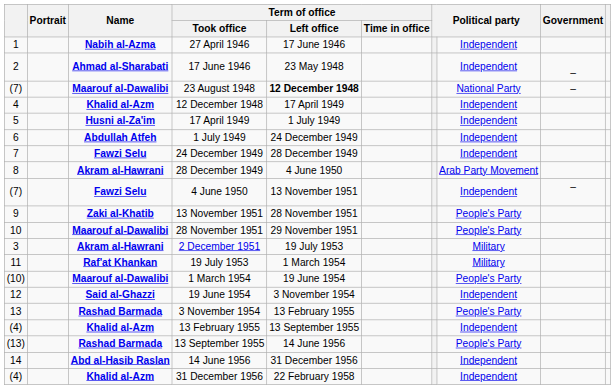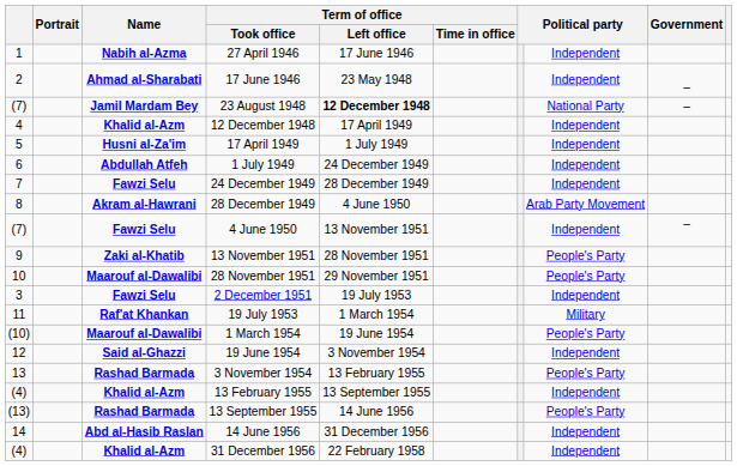 <table class="wikitable" style="text-align:center">
 <tr>
 <th rowspan="2"></th>
 <th rowspan="2">Portrait</th>
 <th rowspan="2">Name<br></th>
 <th colspan="3">Term of office</th>
 <th colspan="2" rowspan="2">Political party</th>
 <th rowspan="2">Government</th>
 <th rowspan="2"></th>
 </tr>
 <tr>
 <th>Took office</th>
 <th>Left office</th>
 <th>Time in office</th>
 </tr>
 <tr>
 <td>1</td>
 <td></td>
 <td><strong><a href='#'>Nabih al-Azma</a></strong><br></td>
 <td>27 April 1946</td>
 <td>17 June 1946</td>
 <td></td>
 <th style="background:"></th>
 <td><a href='#'>Independent</a></td>
 <td></td>
 <td></td>
 </tr>
 <tr>
 <td>2</td>
 <td></td>
 <td><strong><a href='#'>Ahmad al-Sharabati</a></strong><br></td>
 <td>17 June 1946</td>
 <td>23 May 1948</td>
 <td></td>
 <th style="background:"></th>
 <td><a href='#'>Independent</a></td>
 <td><br>–</td>
 <td></td>
 </tr>
 <tr>
 <td>(7)</td>
 <td></td>
-<td><strong><a href='#'>Maarouf al-Dawalibi</a></strong><br></td>
+<td><strong><a href='#'>Jamil Mardam Bey</a></strong><br></td>
 <td>23 August 1948</td>
 <td><strong>12 December 1948</strong></td>
 <td></td>
 <th style="background:"></th>
 <td><a href='#'>National Party</a></td>
 <td>–</td>
 <td></td>
 </tr>
 <tr>
 <td>4</td>
 <td></td>
 <td><strong><a href='#'>Khalid al-Azm</a></strong><br></td>
 <td>12 December 1948</td>
 <td>17 April 1949</td>
 <td></td>
 <th style="background:"></th>
 <td><a href='#'>Independent</a></td>
 <td></td>
 <td></td>
 </tr>
 <tr>
 <td>5</td>
 <td></td>
 <td><strong><a href='#'>Husni al-Za'im</a></strong><br></td>
 <td>17 April 1949</td>
 <td>1 July 1949</td>
 <td></td>
 <th style="background:"></th>
 <td><a href='#'>Independent</a></td>
 <td></td>
 <td></td>
 </tr>
 <tr>
 <td>6</td>
 <td></td>
 <td><strong><a href='#'>Abdullah Atfeh</a></strong><br></td>
 <td>1 July 1949</td>
 <td>24 December 1949</td>
 <td></td>
 <th style="background:"></th>
 <td><a href='#'>Independent</a></td>
 <td><br></td>
 <td></td>
 </tr>
 <tr>
 <td>7</td>
 <td></td>
 <td><strong><a href='#'>Fawzi Selu</a></strong><br></td>
 <td>24 December 1949</td>
 <td>28 December 1949</td>
 <td></td>
 <th style="background:"></th>
 <td><a href='#'>Independent</a></td>
 <td></td>
 <td></td>
 </tr>
 <tr>
 <td>8</td>
 <td></td>
 <td><strong><a href='#'>Akram al-Hawrani</a></strong><br></td>
 <td>28 December 1949</td>
 <td>4 June 1950</td>
 <td></td>
 <th style="background:"></th>
 <td><a href='#'>Arab Party Movement</a></td>
 <td></td>
 <td></td>
 </tr>
 <tr>
 <td>(7)</td>
 <td></td>
 <td><strong><a href='#'>Fawzi Selu</a></strong><br></td>
 <td>4 June 1950</td>
 <td>13 November 1951</td>
 <td></td>
 <th style="background:"></th>
 <td><a href='#'>Independent</a></td>
 <td>–<br><br></td>
 <td></td>
 </tr>
 <tr>
 <td>9</td>
 <td></td>
 <td><strong><a href='#'>Zaki al-Khatib</a></strong><br></td>
 <td>13 November 1951</td>
 <td>28 November 1951</td>
 <td></td>
 <th style="background:"></th>
 <td><a href='#'>People's Party</a></td>
 <td></td>
 <td></td>
 </tr>
 <tr>
 <td>10</td>
 <td></td>
 <td><strong><a href='#'>Maarouf al-Dawalibi</a></strong><br></td>
 <td>28 November 1951</td>
 <td>29 November 1951</td>
 <td></td>
 <th style="background:"></th>
 <td><a href='#'>People's Party</a></td>
 <td></td>
 <td></td>
 </tr>
 <tr>
 <td>3</td>
 <td></td>
-<td><strong><a href='#'>Akram al-Hawrani</a></strong><br></td>
+<td><strong><a href='#'>Fawzi Selu</a></strong><br></td>
 <td><a href='#'>2 December 1951</a></td>
 <td>19 July 1953</td>
 <td></td>
 <th style="background:"></th>
-<td><a href='#'>Military</a></td>
+<td><a href='#'>Independent</a></td>
 <td></td>
 <td></td>
 </tr>
 <tr>
 <td>11</td>
 <td></td>
 <td><strong><a href='#'>Raf'at Khankan</a></strong><br></td>
 <td>19 July 1953</td>
 <td>1 March 1954</td>
 <td></td>
 <th style="background:"></th>
 <td><a href='#'>Military</a></td>
 <td></td>
 <td></td>
 </tr>
 <tr>
 <td>(10)</td>
 <td></td>
 <td><strong><a href='#'>Maarouf al-Dawalibi</a></strong><br></td>
 <td>1 March 1954</td>
 <td>19 June 1954</td>
 <td></td>
 <th style="background:"></th>
 <td><a href='#'>People's Party</a></td>
 <td></td>
 <td></td>
 </tr>
 <tr>
 <td>12</td>
 <td></td>
 <td><strong><a href='#'>Said al-Ghazzi</a></strong><br></td>
 <td>19 June 1954</td>
 <td>3 November 1954</td>
 <td></td>
 <th style="background:"></th>
 <td><a href='#'>Independent</a></td>
 <td></td>
 <td></td>
 </tr>
 <tr>
 <td>13</td>
 <td></td>
 <td><strong><a href='#'>Rashad Barmada</a></strong><br></td>
 <td>3 November 1954</td>
 <td>13 February 1955</td>
 <td></td>
 <th style="background:"></th>
 <td><a href='#'>People's Party</a></td>
 <td></td>
 <td></td>
 </tr>
 <tr>
 <td>(4)</td>
 <td></td>
 <td><strong><a href='#'>Khalid al-Azm</a></strong><br></td>
 <td>13 February 1955</td>
 <td>13 September 1955</td>
 <td></td>
 <th style="background:"></th>
 <td><a href='#'>Independent</a></td>
 <td></td>
 <td></td>
 </tr>
 <tr>
 <td>(13)</td>
 <td></td>
 <td><strong><a href='#'>Rashad Barmada</a></strong><br></td>
 <td>13 September 1955</td>
 <td>14 June 1956</td>
 <td></td>
 <th style="background:"></th>
 <td><a href='#'>People's Party</a></td>
 <td></td>
 <td></td>
 </tr>
 <tr>
 <td>14</td>
 <td></td>
 <td><strong><a href='#'>Abd al-Hasib Raslan</a></strong><br></td>
 <td>14 June 1956</td>
 <td>31 December 1956</td>
 <td></td>
 <th style="background:"></th>
 <td><a href='#'>Independent</a></td>
 <td></td>
 <td></td>
 </tr>
 <tr>
 <td>(4)</td>
 <td></td>
 <td><strong><a href='#'>Khalid al-Azm</a></strong><br></td>
 <td>31 December 1956</td>
 <td>22 February 1958</td>
 <td></td>
 <th style="background:"></th>
 <td><a href='#'>Independent</a></td>
 <td></td>
 <td></td>
 </tr>
 </table>
